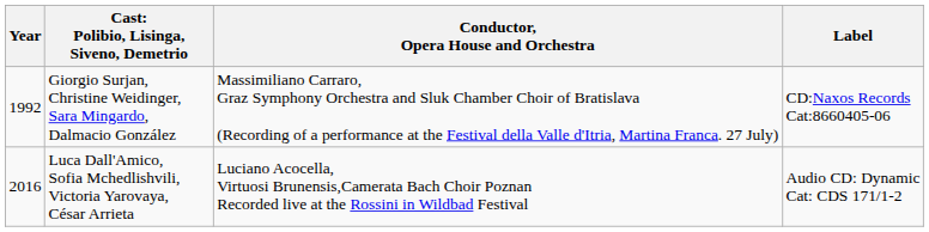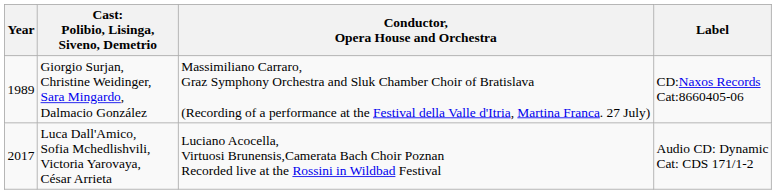 <table class="wikitable">
 <tr>
 <th>Year</th>
 <th width="160">Cast:<br>Polibio, Lisinga,<br>Siveno, Demetrio</th>
 <th>Conductor,<br>Opera House and Orchestra</th>
 <th>Label </th>
 </tr>
 <tr>
-<td>1992</td>
+<td>1989</td>
 <td>Giorgio Surjan,<br>Christine Weidinger,<br><a href='#'>Sara Mingardo</a>,<br>Dalmacio González</td>
 <td>Massimiliano Carraro,<br>Graz Symphony Orchestra and Sluk Chamber Choir of Bratislava<br><br>(Recording of a performance at the <a href='#'>Festival della Valle d'Itria</a>, <a href='#'>Martina Franca</a>. 27 July)</td>
 <td>CD:<a href='#'>Naxos Records</a><br> Cat:8660405-06</td>
 </tr>
 <tr>
-<td>2016</td>
+<td>2017</td>
 <td>Luca Dall'Amico,<br>Sofia Mchedlishvili,<br>Victoria Yarovaya,<br>César Arrieta</td>
 <td>Luciano Acocella,<br>Virtuosi Brunensis,Camerata Bach Choir Poznan<br>Recorded live at the <a href='#'>Rossini in Wildbad</a> Festival</td>
 <td>Audio CD: Dynamic<br>Cat: CDS 171/1-2</td>
 </tr>
 </table>
